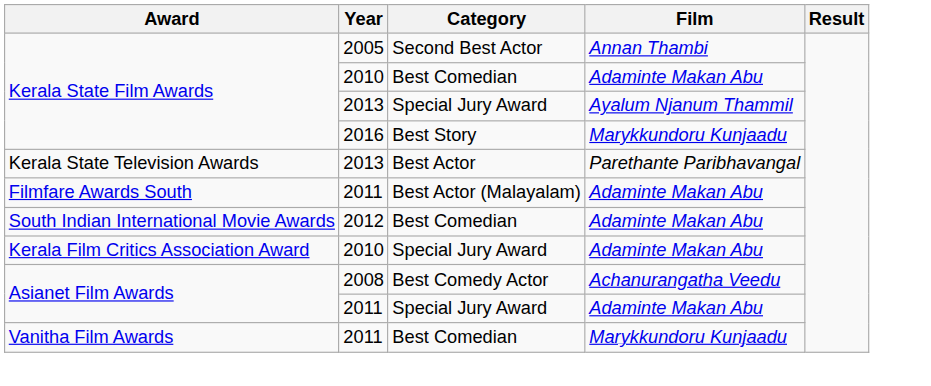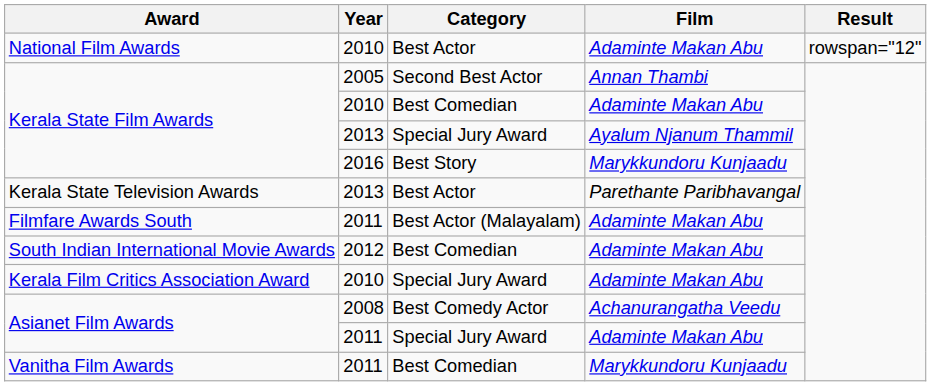 <table class="wikitable sortable">
 <tr>
 <th>Award</th>
 <th>Year</th>
 <th>Category</th>
 <th>Film</th>
 <th>Result</th>
+</tr>
+<tr>
+<td><a href='#'>National Film Awards</a></td>
+<td>2010</td>
+<td>Best Actor</td>
+<td><em><a href='#'>Adaminte Makan Abu</a></em></td>
+<td>rowspan="12" </td>
 </tr>
 <tr>
 <td rowspan=4><a href='#'>Kerala State Film Awards</a></td>
 <td>2005</td>
 <td>Second Best Actor</td>
 <td><em><a href='#'>Annan Thambi</a></em></td>
 </tr>
 <tr>
 <td>2010</td>
 <td>Best Comedian</td>
 <td><em><a href='#'>Adaminte Makan Abu</a></em></td>
 </tr>
 <tr>
 <td>2013</td>
 <td>Special Jury Award</td>
 <td><em><a href='#'>Ayalum Njanum Thammil</a></em></td>
 </tr>
 <tr>
 <td>2016</td>
 <td>Best Story</td>
 <td><em><a href='#'>Marykkundoru Kunjaadu</a></em></td>
 </tr>
 <tr>
 <td>Kerala State Television Awards</td>
 <td>2013</td>
 <td>Best Actor</td>
 <td><em>Parethante Paribhavangal</em></td>
 </tr>
 <tr>
 <td><a href='#'>Filmfare Awards South</a></td>
 <td>2011</td>
 <td>Best Actor (Malayalam)</td>
 <td><em><a href='#'>Adaminte Makan Abu</a></em></td>
 </tr>
 <tr>
 <td><a href='#'>South Indian International Movie Awards</a></td>
 <td>2012</td>
 <td>Best Comedian</td>
 <td><em><a href='#'>Adaminte Makan Abu</a></em></td>
 </tr>
 <tr>
 <td><a href='#'>Kerala Film Critics Association Award</a></td>
 <td>2010</td>
 <td>Special Jury Award</td>
 <td><em><a href='#'>Adaminte Makan Abu</a></em></td>
 </tr>
 <tr>
 <td rowspan=2><a href='#'>Asianet Film Awards</a></td>
 <td>2008</td>
 <td>Best Comedy Actor</td>
 <td><em><a href='#'>Achanurangatha Veedu</a></em></td>
 </tr>
 <tr>
 <td>2011</td>
 <td>Special Jury Award</td>
 <td><em><a href='#'>Adaminte Makan Abu</a></em></td>
 </tr>
 <tr>
 <td><a href='#'>Vanitha Film Awards</a></td>
 <td>2011</td>
 <td>Best Comedian</td>
 <td><em><a href='#'>Marykkundoru Kunjaadu</a></em></td>
 </tr>
 </table>
